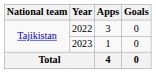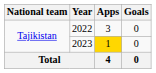 <table class="wikitable" style="text-align:center">
 <tr>
 <th>National team</th>
 <th>Year</th>
 <th>Apps</th>
 <th>Goals</th>
 </tr>
 <tr>
 <td rowspan="2"><a href='#'>Tajikistan</a></td>
 <td>2022</td>
 <td>3</td>
 <td>0</td>
 </tr>
 <tr>
 <td>2023</td>
-<td>1</td>
+<td style="background: gold;">1</td>
 <td>0</td>
 </tr>
 <tr>
 <th colspan="2">Total</th>
 <th>4</th>
 <th>0</th>
 </tr>
 </table>
